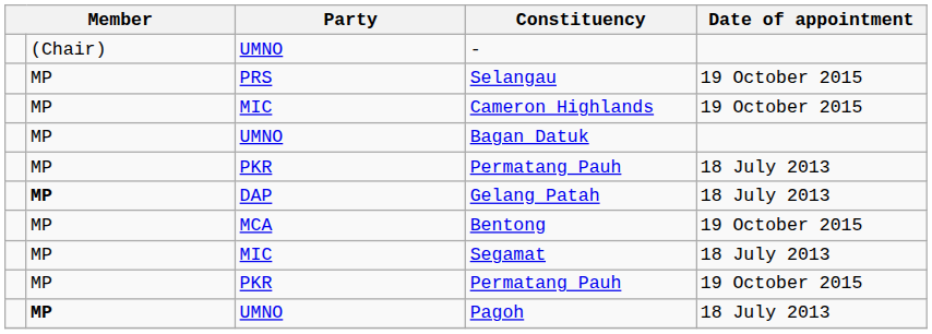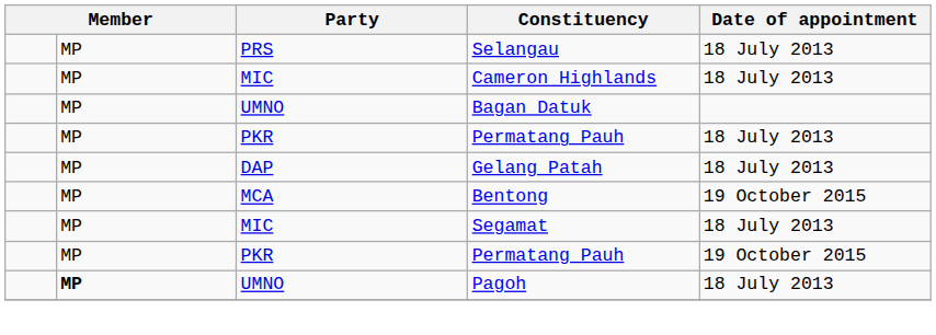 <table class="sortable wikitable">
 <tr>
 <th width="160px" colspan="2" valign="top">Member</th>
 <th width="160px" valign="top">Party</th>
 <th width="160px" valign="top">Constituency</th>
 <th width="160px" valign="top">Date of appointment</th>
 </tr>
 <tr>
 <td></td>
-<td> (Chair)</td>
-<td><a href='#'>UMNO</a></td>
-<td>-</td>
-<td></td>
-</tr>
-<tr>
-<td></td>
 <td> MP</td>
 <td><a href='#'>PRS</a></td>
 <td><a href='#'>Selangau</a></td>
-<td>19 October 2015</td>
+<td>18 July 2013</td>
 </tr>
 <tr>
 <td></td>
 <td> MP</td>
 <td><a href='#'>MIC</a></td>
 <td><a href='#'>Cameron Highlands</a></td>
-<td>19 October 2015</td>
+<td>18 July 2013</td>
 </tr>
 <tr>
 <td></td>
 <td> MP</td>
 <td><a href='#'>UMNO</a></td>
 <td><a href='#'>Bagan Datuk</a></td>
 <td></td>
 </tr>
 <tr>
 <td></td>
 <td> MP</td>
 <td><a href='#'>PKR</a></td>
 <td><a href='#'>Permatang Pauh</a></td>
 <td>18 July 2013</td>
 </tr>
 <tr>
 <td></td>
-<td><strong> MP</strong></td>
+<td> MP</td>
 <td><a href='#'>DAP</a></td>
 <td><a href='#'>Gelang Patah</a></td>
 <td>18 July 2013</td>
 </tr>
 <tr>
 <td></td>
 <td> MP</td>
 <td><a href='#'>MCA</a></td>
 <td><a href='#'>Bentong</a></td>
 <td>19 October 2015</td>
 </tr>
 <tr>
 <td></td>
 <td> MP</td>
 <td><a href='#'>MIC</a></td>
 <td><a href='#'>Segamat</a></td>
 <td>18 July 2013</td>
 </tr>
 <tr>
 <td></td>
 <td> MP</td>
 <td><a href='#'>PKR</a></td>
 <td><a href='#'>Permatang Pauh</a></td>
 <td>19 October 2015</td>
 </tr>
 <tr>
 <td></td>
 <td><strong> MP</strong></td>
 <td><a href='#'>UMNO</a></td>
 <td><a href='#'>Pagoh</a></td>
 <td>18 July 2013</td>
 </tr>
 <tr>
 </tr>
 </table>
